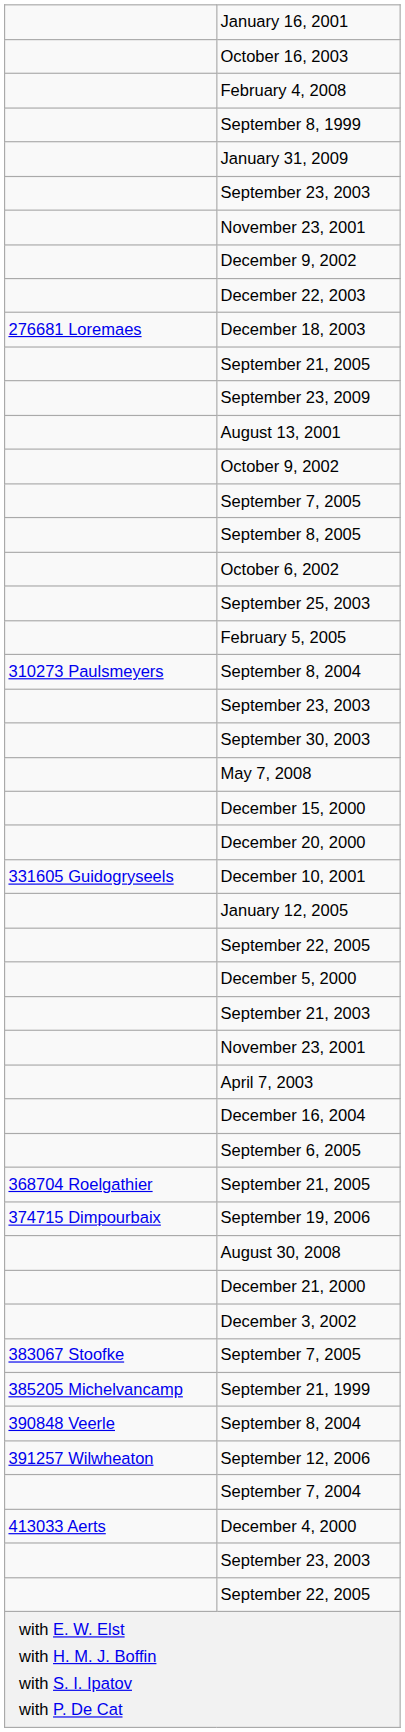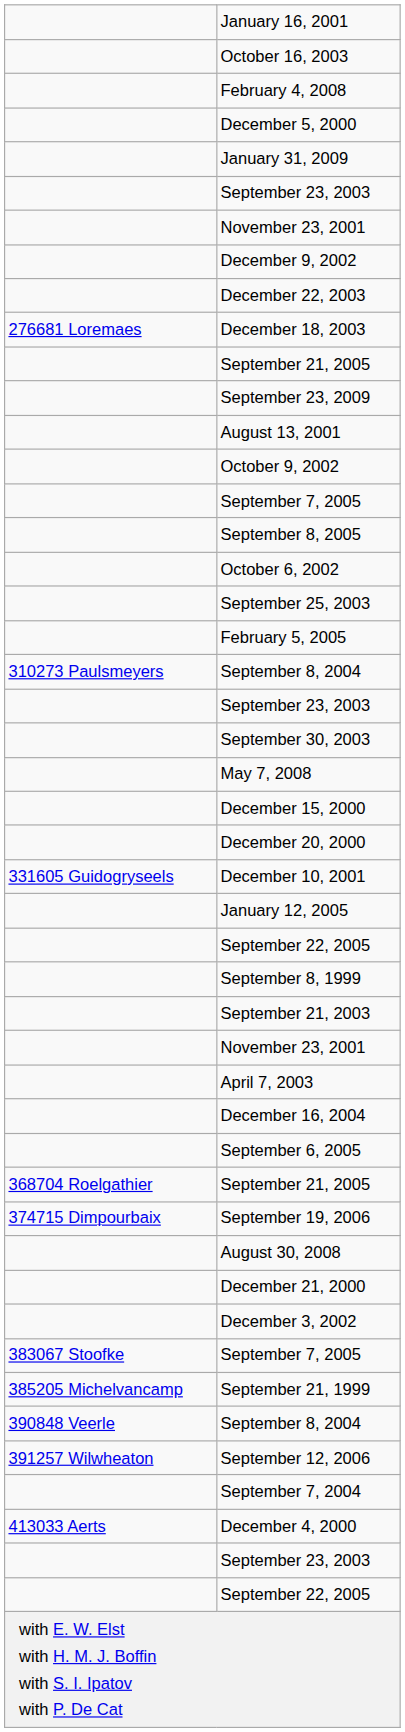 <table class="wikitable" style="font-size: 89%; float: left; width: 24em; margin-right: 1em; line-height: 1.6em !important;">
 <tr>
 <td></td>
 <td>January 16, 2001</td>
 </tr>
 <tr>
 <td></td>
 <td>October 16, 2003</td>
 </tr>
 <tr>
 <td></td>
 <td>February 4, 2008</td>
 </tr>
 <tr>
 <td></td>
-<td>September 8, 1999</td>
+<td>December 5, 2000</td>
 </tr>
 <tr>
 <td></td>
 <td>January 31, 2009</td>
 </tr>
 <tr>
 <td></td>
 <td>September 23, 2003</td>
 </tr>
 <tr>
 <td></td>
 <td>November 23, 2001</td>
 </tr>
 <tr>
 <td></td>
 <td>December 9, 2002</td>
 </tr>
 <tr>
 <td></td>
 <td>December 22, 2003</td>
 </tr>
 <tr>
 <td><a href='#'>276681 Loremaes</a></td>
 <td>December 18, 2003</td>
 </tr>
 <tr>
 <td></td>
 <td>September 21, 2005</td>
 </tr>
 <tr>
 <td></td>
 <td>September 23, 2009</td>
 </tr>
 <tr>
 <td></td>
 <td>August 13, 2001</td>
 </tr>
 <tr>
 <td></td>
 <td>October 9, 2002</td>
 </tr>
 <tr>
 <td></td>
 <td>September 7, 2005</td>
 </tr>
 <tr>
 <td></td>
 <td>September 8, 2005</td>
 </tr>
 <tr>
 <td></td>
 <td>October 6, 2002</td>
 </tr>
 <tr>
 <td></td>
 <td>September 25, 2003</td>
 </tr>
 <tr>
 <td></td>
 <td>February 5, 2005</td>
 </tr>
 <tr>
 <td><a href='#'>310273 Paulsmeyers</a></td>
 <td>September 8, 2004</td>
 </tr>
 <tr>
 <td></td>
 <td>September 23, 2003</td>
 </tr>
 <tr>
 <td></td>
 <td>September 30, 2003</td>
 </tr>
 <tr>
 <td></td>
 <td>May 7, 2008</td>
 </tr>
 <tr>
 <td></td>
 <td>December 15, 2000</td>
 </tr>
 <tr>
 <td></td>
 <td>December 20, 2000</td>
 </tr>
 <tr>
 <td><a href='#'>331605 Guidogryseels</a></td>
 <td>December 10, 2001</td>
 </tr>
 <tr>
 <td></td>
 <td>January 12, 2005</td>
 </tr>
 <tr>
 <td></td>
 <td>September 22, 2005</td>
 </tr>
 <tr>
 <td></td>
-<td>December 5, 2000</td>
+<td>September 8, 1999</td>
 </tr>
 <tr>
 <td></td>
 <td>September 21, 2003</td>
 </tr>
 <tr>
 <td></td>
 <td>November 23, 2001</td>
 </tr>
 <tr>
 <td></td>
 <td>April 7, 2003</td>
 </tr>
 <tr>
 <td></td>
 <td>December 16, 2004</td>
 </tr>
 <tr>
 <td></td>
 <td>September 6, 2005</td>
 </tr>
 <tr>
 <td><a href='#'>368704 Roelgathier</a></td>
 <td>September 21, 2005</td>
 </tr>
 <tr>
 <td><a href='#'>374715 Dimpourbaix</a></td>
 <td>September 19, 2006</td>
 </tr>
 <tr>
 <td></td>
 <td>August 30, 2008</td>
 </tr>
 <tr>
 <td></td>
 <td>December 21, 2000</td>
 </tr>
 <tr>
 <td></td>
 <td>December 3, 2002</td>
 </tr>
 <tr>
 <td><a href='#'>383067 Stoofke</a></td>
 <td>September 7, 2005</td>
 </tr>
 <tr>
 <td><a href='#'>385205 Michelvancamp</a></td>
 <td>September 21, 1999</td>
 </tr>
 <tr>
 <td><a href='#'>390848 Veerle</a></td>
 <td>September 8, 2004</td>
 </tr>
 <tr>
 <td><a href='#'>391257 Wilwheaton</a></td>
 <td>September 12, 2006</td>
 </tr>
 <tr>
 <td></td>
 <td>September 7, 2004</td>
 </tr>
 <tr>
 <td><a href='#'>413033 Aerts</a></td>
 <td>December 4, 2000</td>
 </tr>
 <tr>
 <td></td>
 <td>September 23, 2003</td>
 </tr>
 <tr>
 <td></td>
 <td>September 22, 2005</td>
 </tr>
 <tr>
 <th colspan=2 style="font-weight: normal; text-align: left; padding: 4px 12px;"> with <a href='#'>E. W. Elst</a><br> with <a href='#'>H. M. J. Boffin</a><br> with <a href='#'>S. I. Ipatov</a><br> with <a href='#'>P. De Cat</a></th>
 </tr>
 </table>
